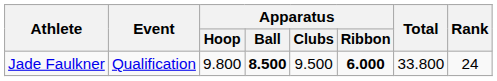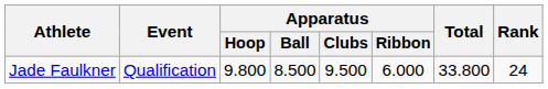 <table class=wikitable style="font-size:90%">
 <tr>
 <th rowspan=2>Athlete</th>
 <th rowspan=2>Event</th>
 <th colspan=4>Apparatus</th>
 <th rowspan=2>Total</th>
 <th rowspan=2>Rank</th>
 </tr>
 <tr style="font-size:95%;">
 <th>Hoop</th>
 <th>Ball</th>
 <th>Clubs</th>
 <th>Ribbon</th>
 </tr>
 <tr align=center>
 <td align=left><a href='#'>Jade Faulkner</a></td>
 <td align=left><a href='#'>Qualification</a></td>
 <td>9.800</td>
-<td><strong>8.500</strong></td>
+<td>8.500</td>
 <td>9.500</td>
-<td><strong>6.000</strong></td>
+<td>6.000</td>
 <td>33.800</td>
 <td>24</td>
 </tr>
 </table>
